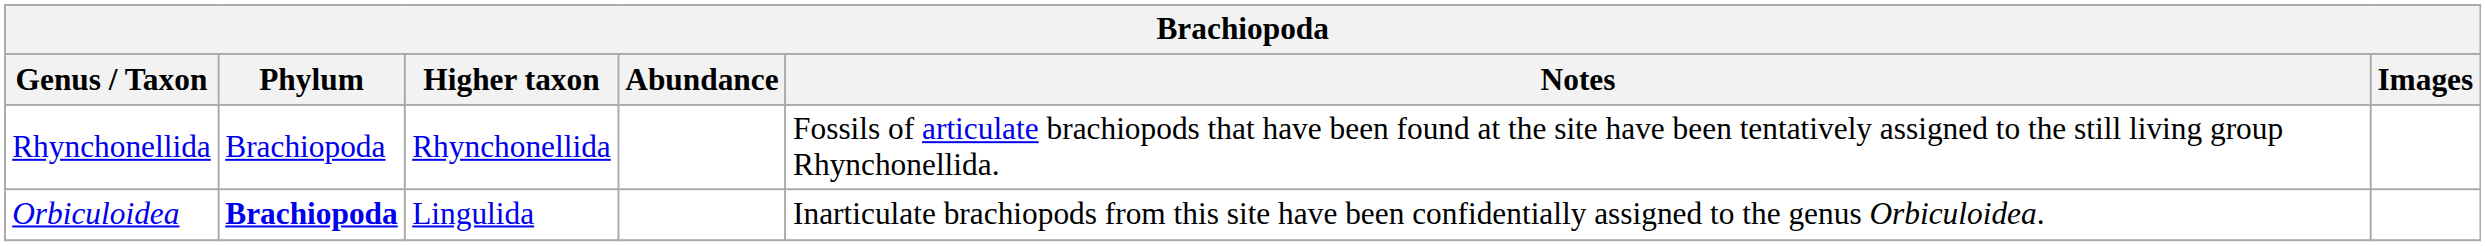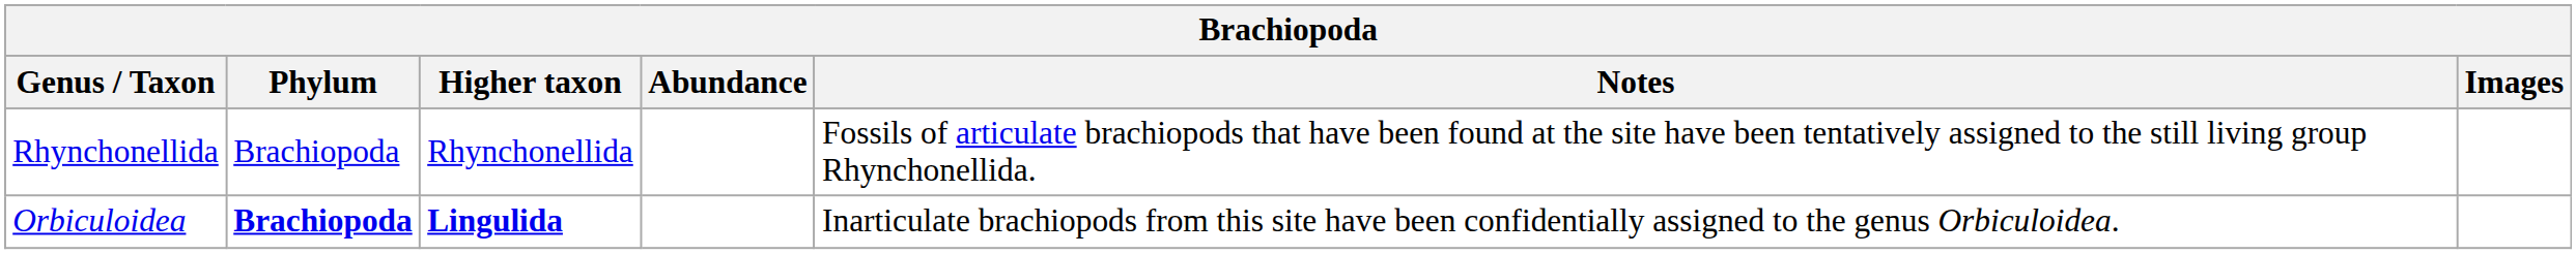 <table class="wikitable sortable" style="background:white; width:100%;">
 <tr>
 <th colspan="7" align="center">Brachiopoda</th>
 </tr>
 <tr>
 <th>Genus / Taxon</th>
 <th>Phylum</th>
 <th>Higher taxon</th>
 <th>Abundance</th>
 <th>Notes</th>
 <th>Images</th>
 </tr>
 <tr>
 <td><a href='#'>Rhynchonellida</a></td>
 <td><a href='#'>Brachiopoda</a></td>
 <td><a href='#'>Rhynchonellida</a></td>
 <td></td>
 <td>Fossils of <a href='#'>articulate</a> brachiopods that have been found at the site have been tentatively assigned to the still living group Rhynchonellida.</td>
 <td></td>
 </tr>
 <tr>
 <td><em><a href='#'>Orbiculoidea</a></em></td>
 <td><strong><a href='#'>Brachiopoda</a></strong></td>
-<td><a href='#'>Lingulida</a></td>
+<td><strong><a href='#'>Lingulida</a></strong></td>
 <td></td>
 <td>Inarticulate brachiopods from this site have been confidentially assigned to the genus <em>Orbiculoidea</em>.</td>
 <td></td>
 </tr>
 </table>
